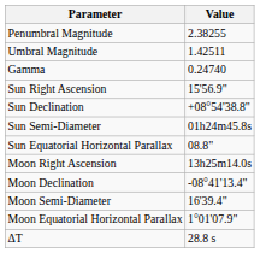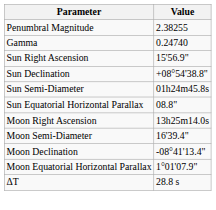 <table class="wikitable">
 <tr>
 <th>Parameter</th>
 <th>Value</th>
 </tr>
 <tr>
 <td>Penumbral Magnitude</td>
 <td>2.38255</td>
-</tr>
-<tr>
-<td>Umbral Magnitude</td>
-<td>1.42511</td>
 </tr>
 <tr>
 <td>Gamma</td>
 <td>0.24740</td>
 </tr>
 <tr>
 <td>Sun Right Ascension</td>
 <td>15'56.9"</td>
 </tr>
 <tr>
 <td>Sun Declination</td>
 <td>+08°54'38.8"</td>
 </tr>
 <tr>
 <td>Sun Semi-Diameter</td>
 <td>01h24m45.8s</td>
 </tr>
 <tr>
 <td>Sun Equatorial Horizontal Parallax</td>
 <td>08.8"</td>
 </tr>
 <tr>
 <td>Moon Right Ascension</td>
 <td>13h25m14.0s</td>
 </tr>
 <tr>
+<td>Moon Semi-Diameter</td>
+<td>16'39.4"</td>
+</tr>
+<tr>
 <td>Moon Declination</td>
 <td>-08°41'13.4"</td>
-</tr>
-<tr>
-<td>Moon Semi-Diameter</td>
-<td>16'39.4"</td>
 </tr>
 <tr>
 <td>Moon Equatorial Horizontal Parallax</td>
 <td>1°01'07.9"</td>
 </tr>
 <tr>
 <td>ΔT</td>
 <td>28.8 s</td>
 </tr>
 </table>
